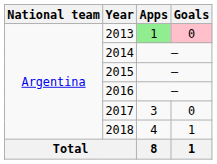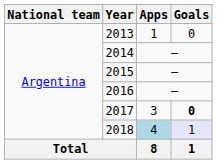 <table class=wikitable style="text-align: center;">
 <tr>
 <th>National team</th>
 <th>Year</th>
 <th>Apps</th>
 <th>Goals</th>
 </tr>
 <tr>
 <td rowspan="6"><a href='#'>Argentina</a></td>
 <td>2013</td>
-<td style="background: lightgreen;">1</td>
-<td style="background: pink;">0</td>
+<td>1</td>
+<td>0</td>
 </tr>
 <tr>
 <td>2014</td>
 <td colspan="2">—</td>
 </tr>
 <tr>
 <td>2015</td>
 <td colspan="2">—</td>
 </tr>
 <tr>
 <td>2016</td>
 <td colspan="2">—</td>
 </tr>
 <tr>
 <td>2017</td>
 <td>3</td>
-<td>0</td>
+<td><strong>0</strong></td>
 </tr>
 <tr>
 <td>2018</td>
-<td>4</td>
-<td>1</td>
+<td style="background: lightblue;">4</td>
+<td style="background: lavender;">1</td>
 </tr>
 <tr>
 <th colspan="2">Total</th>
 <th>8</th>
 <th>1</th>
 </tr>
 </table>
